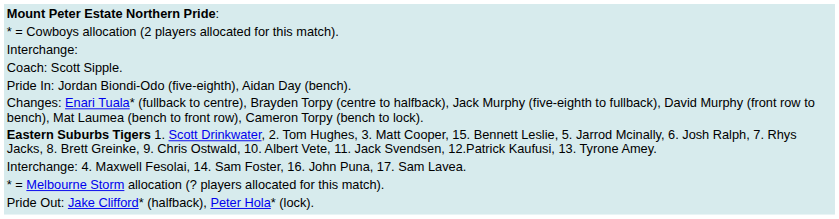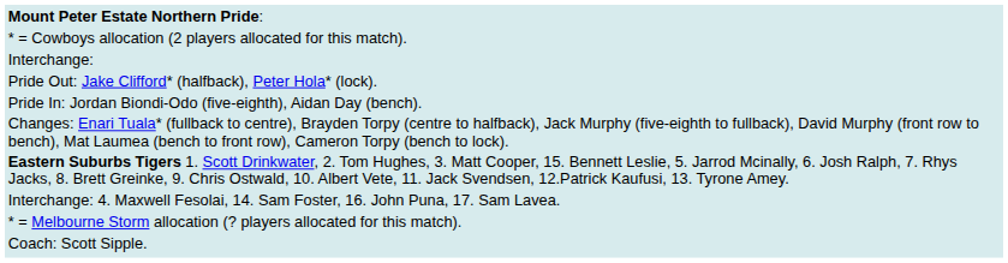 <table style="background:#d7ebed; font-size:85%; width:100%;">
 <tr>
 <td><strong>Mount Peter Estate Northern Pride</strong>:             </td>
 </tr>
 <tr>
 <td>* = Cowboys allocation (2 players allocated for this match).</td>
 </tr>
 <tr>
 <td>Interchange:    </td>
 </tr>
 <tr>
-<td>Coach: Scott Sipple.</td>
+<td>Pride Out: <a href='#'>Jake Clifford</a>* (halfback), <a href='#'>Peter Hola</a>* (lock).</td>
 </tr>
 <tr>
 <td>Pride In: Jordan Biondi-Odo (five-eighth), Aidan Day (bench).</td>
 </tr>
 <tr>
 <td>Changes: <a href='#'>Enari Tuala</a>* (fullback to centre), Brayden Torpy (centre to halfback), Jack Murphy (five-eighth to fullback), David Murphy (front row to bench), Mat Laumea (bench to front row), Cameron Torpy (bench to lock).</td>
 </tr>
 <tr>
 <td><strong>Eastern Suburbs Tigers</strong> 1. <a href='#'>Scott Drinkwater</a>, 2. Tom Hughes, 3. Matt Cooper, 15. Bennett Leslie, 5. Jarrod Mcinally, 6. Josh Ralph, 7. Rhys Jacks, 8. Brett Greinke, 9. Chris Ostwald, 10. Albert Vete, 11. Jack Svendsen, 12.Patrick Kaufusi, 13. Tyrone Amey.</td>
 </tr>
 <tr>
 <td>Interchange: 4. Maxwell Fesolai, 14. Sam Foster, 16. John Puna, 17. Sam Lavea.</td>
 </tr>
 <tr>
 <td>* = <a href='#'>Melbourne Storm</a> allocation (? players allocated for this match).</td>
 </tr>
 <tr>
-<td>Pride Out: <a href='#'>Jake Clifford</a>* (halfback), <a href='#'>Peter Hola</a>* (lock).</td>
+<td>Coach: Scott Sipple.</td>
 </tr>
 <tr>
 </tr>
 </table>
